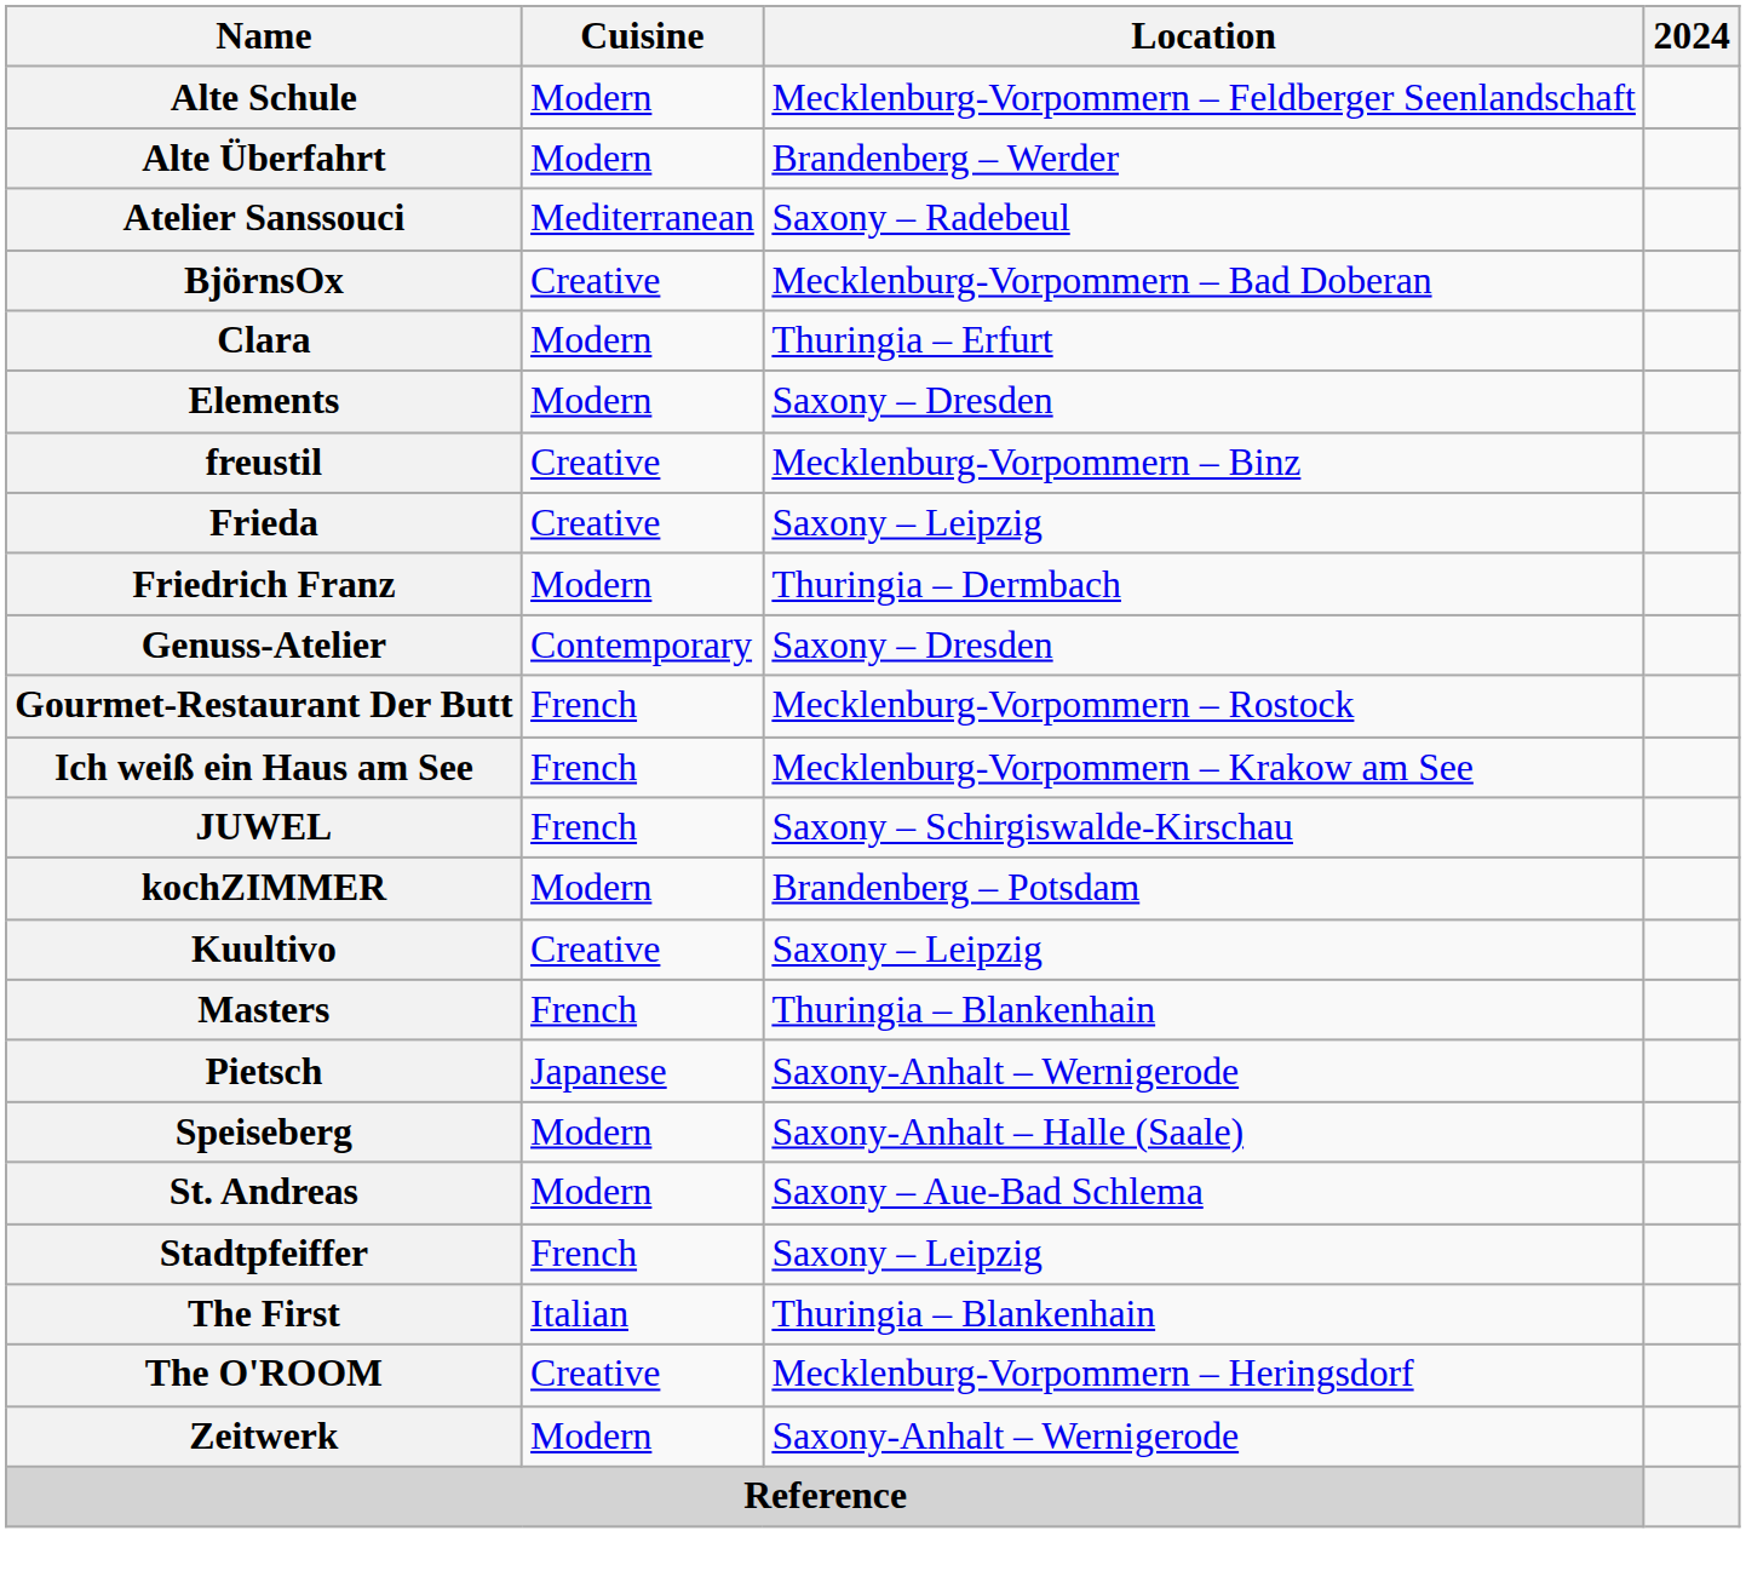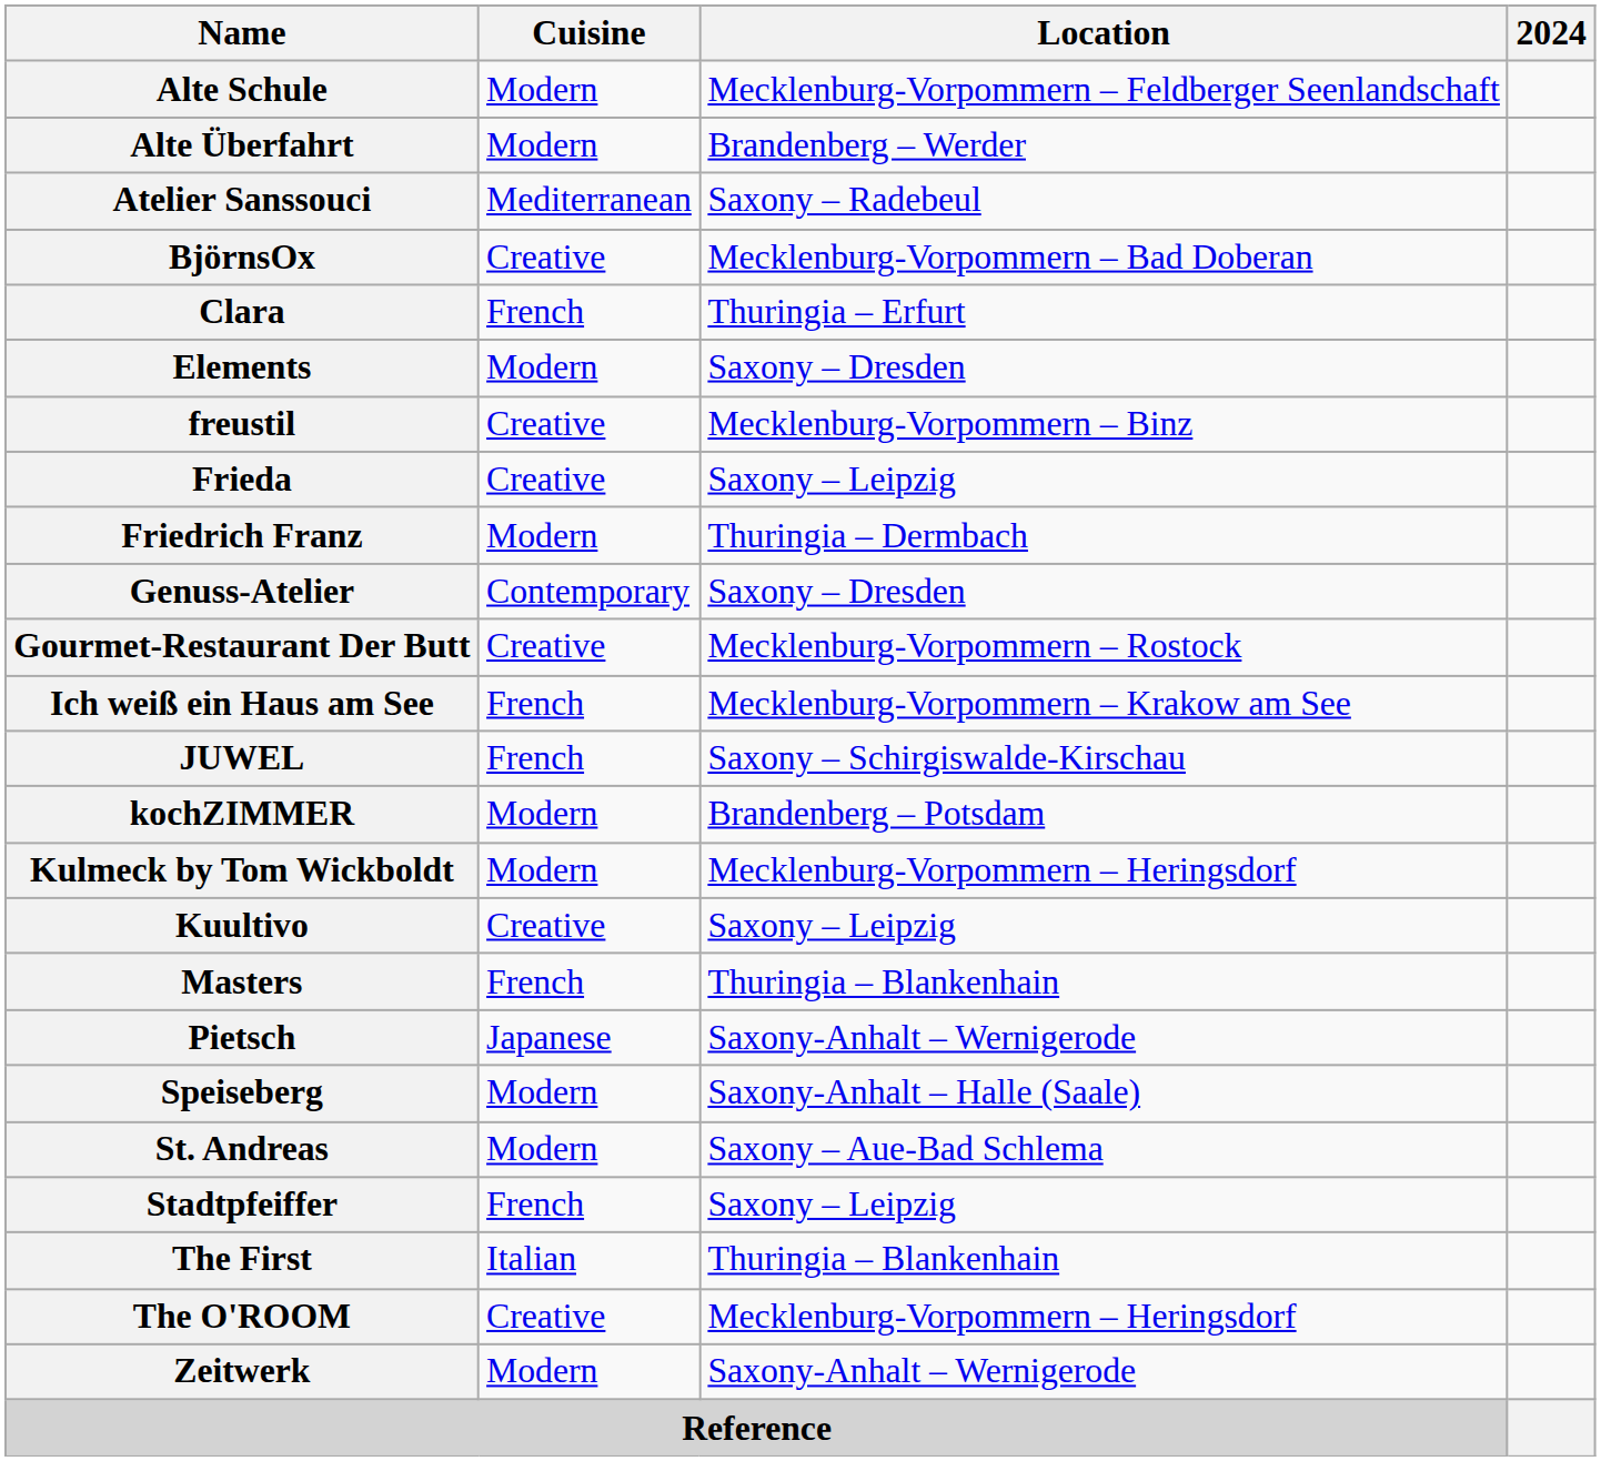 <table class="wikitable sortable plainrowheaders" style="text-align:left;"">
 <tr>
 <th scope="col">Name</th>
 <th scope="col">Cuisine</th>
 <th scope="col">Location</th>
 <th scope="col">2024</th>
 </tr>
 <tr>
 <th scope="row">Alte Schule</th>
 <td><a href='#'>Modern</a></td>
 <td><a href='#'>Mecklenburg-Vorpommern – Feldberger Seenlandschaft</a></td>
 <td></td>
 </tr>
 <tr>
 <th scope="row">Alte Überfahrt</th>
 <td><a href='#'>Modern</a></td>
 <td><a href='#'>Brandenberg – Werder</a></td>
 <td></td>
 </tr>
 <tr>
 <th scope="row">Atelier Sanssouci</th>
 <td><a href='#'>Mediterranean</a></td>
 <td><a href='#'>Saxony – Radebeul</a></td>
 <td></td>
 </tr>
 <tr>
 <th scope="row">BjörnsOx</th>
 <td><a href='#'>Creative</a></td>
 <td><a href='#'>Mecklenburg-Vorpommern – Bad Doberan</a></td>
 <td></td>
 </tr>
 <tr>
 <th scope="row">Clara</th>
-<td><a href='#'>Modern</a></td>
+<td><a href='#'>French</a></td>
 <td><a href='#'>Thuringia – Erfurt</a></td>
 <td></td>
 </tr>
 <tr>
 <th scope="row">Elements</th>
 <td><a href='#'>Modern</a></td>
 <td><a href='#'>Saxony – Dresden</a></td>
 <td></td>
 </tr>
 <tr>
 <th scope="row">freustil</th>
 <td><a href='#'>Creative</a></td>
 <td><a href='#'>Mecklenburg-Vorpommern – Binz</a></td>
 <td></td>
 </tr>
 <tr>
 <th scope="row">Frieda</th>
 <td><a href='#'>Creative</a></td>
 <td><a href='#'>Saxony – Leipzig</a></td>
 <td></td>
 </tr>
 <tr>
 <th scope="row">Friedrich Franz</th>
 <td><a href='#'>Modern</a></td>
 <td><a href='#'>Thuringia – Dermbach</a></td>
 <td></td>
 </tr>
 <tr>
 <th scope="row">Genuss-Atelier</th>
 <td><a href='#'>Contemporary</a></td>
 <td><a href='#'>Saxony – Dresden</a></td>
 <td></td>
 </tr>
 <tr>
 <th scope="row">Gourmet-Restaurant Der Butt</th>
-<td><a href='#'>French</a></td>
+<td><a href='#'>Creative</a></td>
 <td><a href='#'>Mecklenburg-Vorpommern – Rostock</a></td>
 <td></td>
 </tr>
 <tr>
 <th scope="row">Ich weiß ein Haus am See</th>
 <td><a href='#'>French</a></td>
 <td><a href='#'>Mecklenburg-Vorpommern – Krakow am See</a></td>
 <td></td>
 </tr>
 <tr>
 <th scope="row">JUWEL</th>
 <td><a href='#'>French</a></td>
 <td><a href='#'>Saxony – Schirgiswalde-Kirschau</a></td>
 <td></td>
 </tr>
 <tr>
 <th scope="row">kochZIMMER</th>
 <td><a href='#'>Modern</a></td>
 <td><a href='#'>Brandenberg – Potsdam</a></td>
+<td></td>
+</tr>
+<tr>
+<th scope="row">Kulmeck by Tom Wickboldt</th>
+<td><a href='#'>Modern</a></td>
+<td><a href='#'>Mecklenburg-Vorpommern – Heringsdorf</a></td>
 <td></td>
 </tr>
 <tr>
 <th scope="row">Kuultivo</th>
 <td><a href='#'>Creative</a></td>
 <td><a href='#'>Saxony – Leipzig</a></td>
 <td></td>
 </tr>
 <tr>
 <th scope="row">Masters</th>
 <td><a href='#'>French</a></td>
 <td><a href='#'>Thuringia – Blankenhain</a></td>
 <td></td>
 </tr>
 <tr>
 <th scope="row">Pietsch</th>
 <td><a href='#'>Japanese</a></td>
 <td><a href='#'>Saxony-Anhalt – Wernigerode</a></td>
 <td></td>
 </tr>
 <tr>
 <th scope="row">Speiseberg</th>
 <td><a href='#'>Modern</a></td>
 <td><a href='#'>Saxony-Anhalt – Halle (Saale)</a></td>
 <td></td>
 </tr>
 <tr>
 <th scope="row">St. Andreas</th>
 <td><a href='#'>Modern</a></td>
 <td><a href='#'>Saxony – Aue-Bad Schlema</a></td>
 <td></td>
 </tr>
 <tr>
 <th scope="row">Stadtpfeiffer</th>
 <td><a href='#'>French</a></td>
 <td><a href='#'>Saxony – Leipzig</a></td>
 <td></td>
 </tr>
 <tr>
 <th scope="row">The First</th>
 <td><a href='#'>Italian</a></td>
 <td><a href='#'>Thuringia – Blankenhain</a></td>
 <td></td>
 </tr>
 <tr>
 <th scope="row">The O'ROOM</th>
 <td><a href='#'>Creative</a></td>
 <td><a href='#'>Mecklenburg-Vorpommern – Heringsdorf</a></td>
 <td></td>
 </tr>
 <tr>
 <th scope="row">Zeitwerk</th>
 <td><a href='#'>Modern</a></td>
 <td><a href='#'>Saxony-Anhalt – Wernigerode</a></td>
 <td></td>
 </tr>
 <tr>
 <th colspan="3" style="text-align: center;background: lightgray;">Reference</th>
 <th></th>
 </tr>
 </table>
